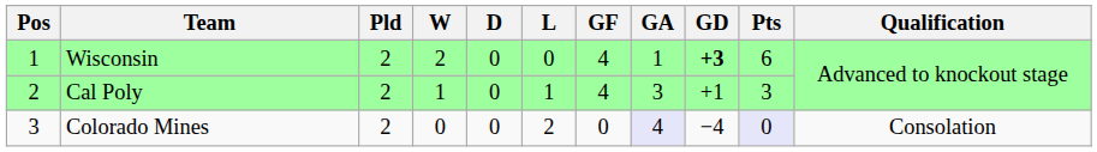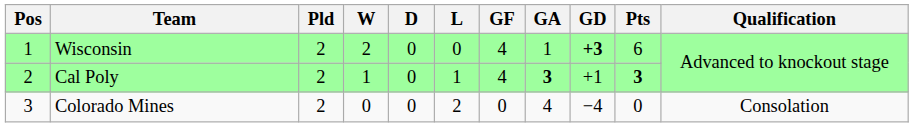 <table class="wikitable" style="text-align:center; margin: 1em auto">
 <tr>
 <th style="width:2em">Pos</th>
 <th style="width:13em">Team</th>
 <th style="width:2em">Pld</th>
 <th style="width:2em">W</th>
 <th style="width:2em">D</th>
 <th style="width:2em">L</th>
 <th style="width:2em">GF</th>
 <th style="width:2em">GA</th>
 <th style="width:2em">GD</th>
 <th style="width:2em">Pts</th>
 <th style="width:13em">Qualification</th>
 </tr>
 <tr bgcolor="#9eff9e">
 <td>1</td>
 <td style="text-align:left">Wisconsin</td>
 <td>2</td>
 <td>2</td>
 <td>0</td>
 <td>0</td>
 <td>4</td>
 <td>1</td>
 <td><strong>+3</strong></td>
 <td>6</td>
 <td rowspan="2">Advanced to knockout stage</td>
 </tr>
 <tr bgcolor="#9eff9e">
 <td>2</td>
 <td style="text-align:left">Cal Poly</td>
 <td>2</td>
 <td>1</td>
 <td>0</td>
 <td>1</td>
 <td>4</td>
-<td>3</td>
+<td><strong>3</strong></td>
 <td>+1</td>
-<td>3</td>
+<td><strong>3</strong></td>
 </tr>
 <tr>
 <td>3</td>
 <td style="text-align:left">Colorado Mines</td>
 <td>2</td>
 <td>0</td>
 <td>0</td>
 <td>2</td>
 <td>0</td>
-<td style="background: lavender;">4</td>
+<td>4</td>
 <td>−4</td>
-<td style="background: lavender;">0</td>
+<td>0</td>
 <td>Consolation</td>
 </tr>
 </table>
